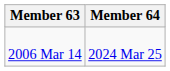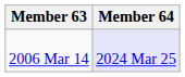 <table class=wikitable align=right>
 <tr>
 <th>Member 63</th>
 <th>Member 64</th>
 </tr>
 <tr>
 <td><br><a href='#'>2006 Mar 14</a></td>
-<td><br><a href='#'>2024 Mar 25</a></td>
+<td style="background: lavender;"><br><a href='#'>2024 Mar 25</a></td>
 </tr>
 </table>
